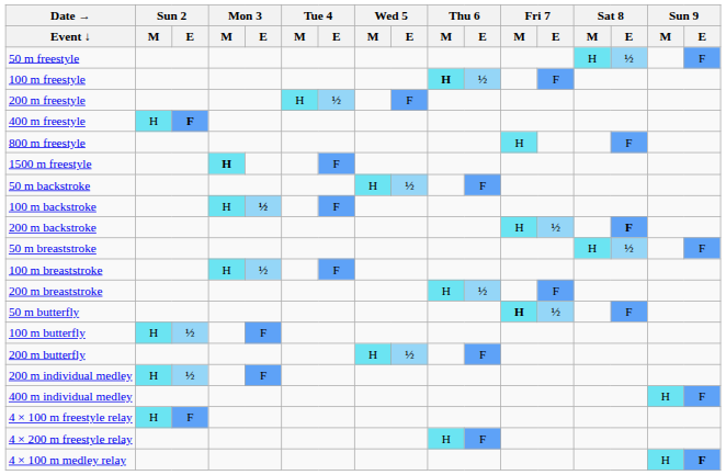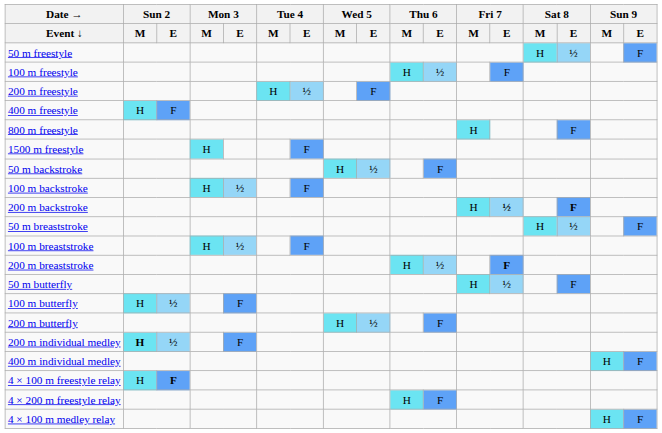 <table class="wikitable" style="margin:0.5em auto; font-size:95%; line-height:1.25em;">
 <tr style="text-align:center;">
 <th>Date →</th>
 <th colspan="2">Sun 2</th>
 <th colspan="2">Mon 3</th>
 <th colspan="2">Tue 4</th>
 <th colspan="2">Wed 5</th>
 <th colspan="2">Thu 6</th>
 <th colspan="2">Fri 7</th>
 <th colspan="2">Sat 8</th>
 <th colspan="2">Sun 9</th>
 </tr>
 <tr>
 <th>Event   ↓</th>
 <th style="width:2.5em;">M</th>
 <th style="width:2.5em;">E</th>
 <th style="width:2.5em;">M</th>
 <th style="width:2.5em;">E</th>
 <th style="width:2.5em;">M</th>
 <th style="width:2.5em;">E</th>
 <th style="width:2.5em;">M</th>
 <th style="width:2.5em;">E</th>
 <th style="width:2.5em;">M</th>
 <th style="width:2.5em;">E</th>
 <th style="width:2.5em;">M</th>
 <th style="width:2.5em;">E</th>
 <th style="width:2.5em;">M</th>
 <th style="width:2.5em;">E</th>
 <th style="width:2.5em;">M</th>
 <th style="width:2.5em;">E</th>
 </tr>
 <tr style="text-align:center;">
 <td style="text-align:left;"><a href='#'>50 m freestyle</a></td>
 <td colspan="2"></td>
 <td colspan="2"></td>
 <td colspan="2"></td>
 <td colspan="2"></td>
 <td colspan="2"></td>
 <td colspan="2"></td>
 <td style="background-color:#6be4f2;">H</td>
 <td style="background-color:#95d6f7;">½</td>
 <td></td>
 <td style="background-color:#5ea2f7;">F</td>
 </tr>
 <tr style="text-align:center;">
 <td style="text-align:left;"><a href='#'>100 m freestyle</a></td>
 <td colspan="2"></td>
 <td colspan="2"></td>
 <td colspan="2"></td>
 <td colspan="2"></td>
-<td style="background-color:#6be4f2;"><strong>H</strong></td>
+<td style="background-color:#6be4f2;">H</td>
 <td style="background-color:#95d6f7;">½</td>
 <td></td>
 <td style="background-color:#5ea2f7;">F</td>
 <td colspan="2"></td>
 <td colspan="2"></td>
 </tr>
 <tr style="text-align:center;">
 <td style="text-align:left;"><a href='#'>200 m freestyle</a></td>
 <td colspan="2"></td>
 <td colspan="2"></td>
 <td style="background-color:#6be4f2;">H</td>
 <td style="background-color:#95d6f7;">½</td>
 <td></td>
 <td style="background-color:#5ea2f7;">F</td>
 <td colspan="2"></td>
 <td colspan="2"></td>
 <td colspan="2"></td>
 <td colspan="2"></td>
 </tr>
 <tr style="text-align:center;">
 <td style="text-align:left;"><a href='#'>400 m freestyle</a></td>
 <td style="background-color:#6be4f2;">H</td>
-<td style="background-color:#5ea2f7;"><strong>F</strong></td>
+<td style="background-color:#5ea2f7;">F</td>
 <td colspan="2"></td>
 <td colspan="2"></td>
 <td colspan="2"></td>
 <td colspan="2"></td>
 <td colspan="2"></td>
 <td colspan="2"></td>
 <td colspan="2"></td>
 </tr>
 <tr style="text-align:center;">
 <td style="text-align:left;"><a href='#'>800 m freestyle</a></td>
 <td colspan="2"></td>
 <td colspan="2"></td>
 <td colspan="2"></td>
 <td colspan="2"></td>
 <td colspan="2"></td>
 <td style="background-color:#6be4f2;">H</td>
 <td></td>
 <td></td>
 <td style="background-color:#5ea2f7;">F</td>
 <td colspan="2"></td>
 </tr>
 <tr style="text-align:center;">
 <td style="text-align:left;"><a href='#'>1500 m freestyle</a></td>
 <td colspan="2"></td>
-<td style="background-color:#6be4f2;"><strong>H</strong></td>
+<td style="background-color:#6be4f2;">H</td>
 <td></td>
 <td></td>
 <td style="background-color:#5ea2f7;">F</td>
 <td colspan="2"></td>
 <td colspan="2"></td>
 <td colspan="2"></td>
 <td colspan="2"></td>
 <td colspan="2"></td>
 </tr>
 <tr style="text-align:center;">
 <td style="text-align:left;"><a href='#'>50 m backstroke</a></td>
 <td colspan="2"></td>
 <td colspan="2"></td>
 <td colspan="2"></td>
 <td style="background-color:#6be4f2;">H</td>
 <td style="background-color:#95d6f7;">½</td>
 <td></td>
 <td style="background-color:#5ea2f7;">F</td>
 <td colspan="2"></td>
 <td colspan="2"></td>
 <td colspan="2"></td>
 </tr>
 <tr style="text-align:center;">
 <td style="text-align:left;"><a href='#'>100 m backstroke</a></td>
 <td colspan="2"></td>
 <td style="background-color:#6be4f2;">H</td>
-<td style="background-color:#95d6f7;"><strong>½</strong></td>
+<td style="background-color:#95d6f7;">½</td>
 <td></td>
 <td style="background-color:#5ea2f7;">F</td>
 <td colspan="2"></td>
 <td colspan="2"></td>
 <td colspan="2"></td>
 <td colspan="2"></td>
 <td colspan="2"></td>
 </tr>
 <tr style="text-align:center;">
 <td style="text-align:left;"><a href='#'>200 m backstroke</a></td>
 <td colspan="2"></td>
 <td colspan="2"></td>
 <td colspan="2"></td>
 <td colspan="2"></td>
 <td colspan="2"></td>
 <td style="background-color:#6be4f2;">H</td>
-<td style="background-color:#95d6f7;">½</td>
+<td style="background-color:#95d6f7;"><strong>½</strong></td>
 <td></td>
 <td style="background-color:#5ea2f7;"><strong>F</strong></td>
 <td colspan="2"></td>
 </tr>
 <tr style="text-align:center;">
 <td style="text-align:left;"><a href='#'>50 m breaststroke</a></td>
 <td colspan="2"></td>
 <td colspan="2"></td>
 <td colspan="2"></td>
 <td colspan="2"></td>
 <td colspan="2"></td>
 <td colspan="2"></td>
 <td style="background-color:#6be4f2;">H</td>
 <td style="background-color:#95d6f7;">½</td>
 <td></td>
 <td style="background-color:#5ea2f7;">F</td>
 </tr>
 <tr style="text-align:center;">
 <td style="text-align:left;"><a href='#'>100 m breaststroke</a></td>
 <td colspan="2"></td>
 <td style="background-color:#6be4f2;">H</td>
 <td style="background-color:#95d6f7;">½</td>
 <td></td>
 <td style="background-color:#5ea2f7;">F</td>
 <td colspan="2"></td>
 <td colspan="2"></td>
 <td colspan="2"></td>
 <td colspan="2"></td>
 <td colspan="2"></td>
 </tr>
 <tr style="text-align:center;">
 <td style="text-align:left;"><a href='#'>200 m breaststroke</a></td>
 <td colspan="2"></td>
 <td colspan="2"></td>
 <td colspan="2"></td>
 <td colspan="2"></td>
 <td style="background-color:#6be4f2;">H</td>
 <td style="background-color:#95d6f7;">½</td>
 <td></td>
-<td style="background-color:#5ea2f7;">F</td>
+<td style="background-color:#5ea2f7;"><strong>F</strong></td>
 <td colspan="2"></td>
 <td colspan="2"></td>
 </tr>
 <tr style="text-align:center;">
 <td style="text-align:left;"><a href='#'>50 m butterfly</a></td>
 <td colspan="2"></td>
 <td colspan="2"></td>
 <td colspan="2"></td>
 <td colspan="2"></td>
 <td colspan="2"></td>
-<td style="background-color:#6be4f2;"><strong>H</strong></td>
+<td style="background-color:#6be4f2;">H</td>
 <td style="background-color:#95d6f7;">½</td>
 <td></td>
 <td style="background-color:#5ea2f7;">F</td>
 <td colspan="2"></td>
 </tr>
 <tr style="text-align:center;">
 <td style="text-align:left;"><a href='#'>100 m butterfly</a></td>
 <td style="background-color:#6be4f2;">H</td>
 <td style="background-color:#95d6f7;">½</td>
 <td></td>
 <td style="background-color:#5ea2f7;">F</td>
 <td colspan="2"></td>
 <td colspan="2"></td>
 <td colspan="2"></td>
 <td colspan="2"></td>
 <td colspan="2"></td>
 <td colspan="2"></td>
 </tr>
 <tr style="text-align:center;">
 <td style="text-align:left;"><a href='#'>200 m butterfly</a></td>
 <td colspan="2"></td>
 <td colspan="2"></td>
 <td colspan="2"></td>
 <td style="background-color:#6be4f2;">H</td>
 <td style="background-color:#95d6f7;">½</td>
 <td></td>
 <td style="background-color:#5ea2f7;">F</td>
 <td colspan="2"></td>
 <td colspan="2"></td>
 <td colspan="2"></td>
 </tr>
 <tr style="text-align:center;">
 <td style="text-align:left;"><a href='#'>200 m individual medley</a></td>
-<td style="background-color:#6be4f2;">H</td>
+<td style="background-color:#6be4f2;"><strong>H</strong></td>
 <td style="background-color:#95d6f7;">½</td>
 <td></td>
 <td style="background-color:#5ea2f7;">F</td>
 <td colspan="2"></td>
 <td colspan="2"></td>
 <td colspan="2"></td>
 <td colspan="2"></td>
 <td colspan="2"></td>
 <td colspan="2"></td>
 </tr>
 <tr style="text-align:center;">
 <td style="text-align:left;"><a href='#'>400 m individual medley</a></td>
 <td colspan="2"></td>
 <td colspan="2"></td>
 <td colspan="2"></td>
 <td colspan="2"></td>
 <td colspan="2"></td>
 <td colspan="2"></td>
 <td colspan="2"></td>
 <td style="background-color:#6be4f2;">H</td>
 <td style="background-color:#5ea2f7;">F</td>
 </tr>
 <tr style="text-align:center;">
 <td style="text-align:left;"><a href='#'>4 × 100 m freestyle relay</a></td>
 <td style="background-color:#6be4f2;">H</td>
-<td style="background-color:#5ea2f7;">F</td>
+<td style="background-color:#5ea2f7;"><strong>F</strong></td>
 <td colspan="2"></td>
 <td colspan="2"></td>
 <td colspan="2"></td>
 <td colspan="2"></td>
 <td colspan="2"></td>
 <td colspan="2"></td>
 <td colspan="2"></td>
 </tr>
 <tr style="text-align:center;">
 <td style="text-align:left;"><a href='#'>4 × 200 m freestyle relay</a></td>
 <td colspan="2"></td>
 <td colspan="2"></td>
 <td colspan="2"></td>
 <td colspan="2"></td>
 <td style="background-color:#6be4f2;">H</td>
 <td style="background-color:#5ea2f7;">F</td>
 <td colspan="2"></td>
 <td colspan="2"></td>
 <td colspan="2"></td>
 </tr>
 <tr style="text-align:center;">
 <td style="text-align:left;"><a href='#'>4 × 100 m medley relay</a></td>
 <td colspan="2"></td>
 <td colspan="2"></td>
 <td colspan="2"></td>
 <td colspan="2"></td>
 <td colspan="2"></td>
 <td colspan="2"></td>
 <td colspan="2"></td>
 <td style="background-color:#6be4f2;">H</td>
-<td style="background-color:#5ea2f7;"><strong>F</strong></td>
+<td style="background-color:#5ea2f7;">F</td>
 </tr>
 </table>
